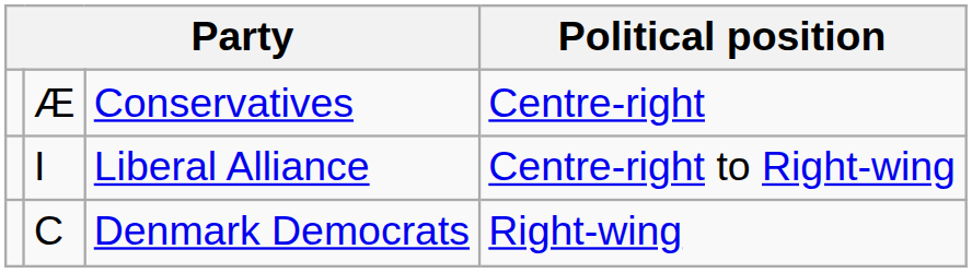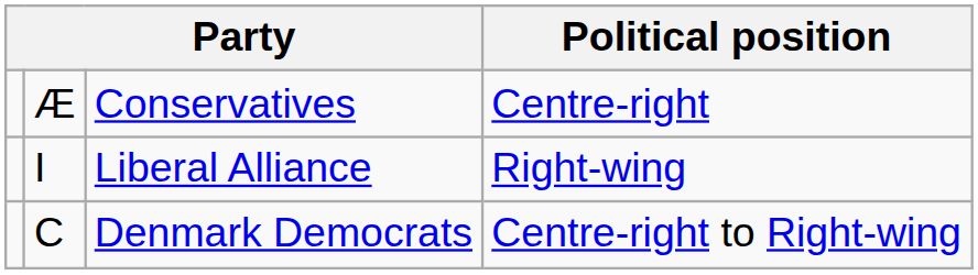 <table class="wikitable">
 <tr>
 <th colspan="3">Party</th>
 <th>Political position</th>
 </tr>
 <tr>
 <td></td>
 <td>Æ</td>
 <td><a href='#'>Conservatives</a></td>
 <td><a href='#'>Centre-right</a></td>
 </tr>
 <tr>
 <td></td>
 <td>I</td>
 <td><a href='#'>Liberal Alliance</a></td>
-<td><a href='#'>Centre-right</a> to <a href='#'>Right-wing</a></td>
+<td><a href='#'>Right-wing</a></td>
 </tr>
 <tr>
 <td></td>
 <td>C</td>
 <td><a href='#'>Denmark Democrats</a></td>
-<td><a href='#'>Right-wing</a></td>
+<td><a href='#'>Centre-right</a> to <a href='#'>Right-wing</a></td>
 </tr>
 </table>
